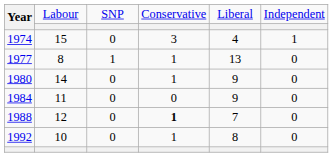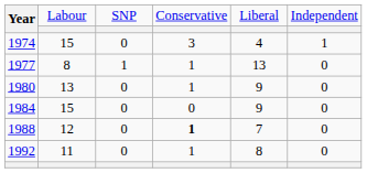 <table class=wikitable style=text-align:center>
 <tr>
 <th rowspan=2>Year</th>
 <td width="60"><a href='#'>Labour</a></td>
 <td width="60"><a href='#'>SNP</a></td>
 <td width="60"><a href='#'>Conservative</a></td>
 <td width="60"><a href='#'>Liberal</a></td>
 <td width="60"><a href='#'>Independent</a></td>
 </tr>
 <tr>
 <th style="background-color: "></th>
 <th style="background-color: "></th>
 <th style="background-color: "></th>
 <th style="background-color: "></th>
 <th style="background-color: "></th>
 </tr>
 <tr>
 <td><a href='#'>1974</a></td>
 <td>15</td>
 <td>0</td>
 <td>3</td>
 <td>4</td>
 <td>1</td>
 </tr>
 <tr>
 <td><a href='#'>1977</a></td>
 <td>8</td>
 <td>1</td>
 <td>1</td>
 <td>13</td>
 <td>0</td>
 </tr>
 <tr>
 <td><a href='#'>1980</a></td>
-<td>14</td>
+<td>13</td>
 <td>0</td>
 <td>1</td>
 <td>9</td>
 <td>0</td>
 </tr>
 <tr>
 <td><a href='#'>1984</a></td>
-<td>11</td>
+<td>15</td>
 <td>0</td>
 <td>0</td>
 <td>9</td>
 <td>0</td>
 </tr>
 <tr>
 <td><a href='#'>1988</a></td>
 <td>12</td>
 <td>0</td>
 <td><strong>1</strong></td>
 <td>7</td>
 <td>0</td>
 </tr>
 <tr>
 <td><a href='#'>1992</a></td>
-<td>10</td>
+<td>11</td>
 <td>0</td>
 <td>1</td>
 <td>8</td>
 <td>0</td>
 </tr>
 <tr>
 <th></th>
 <th style="background-color: "></th>
 <th style="background-color: "></th>
 <th style="background-color: "></th>
 <th style="background-color: "></th>
 <th style="background-color: "></th>
 </tr>
 </table>
